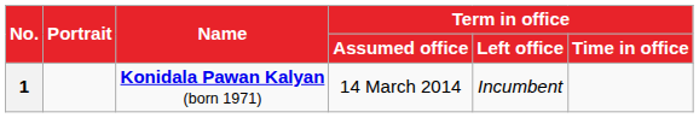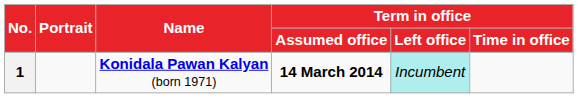 <table class="wikitable sortable" style="text-align:center;">
 <tr>
 <th rowspan=2 style="background-color:#E8232A;color:white">No.</th>
 <th rowspan=2 style="background-color:#E8232A;color:white">Portrait</th>
 <th rowspan=2 style="background-color:#E8232A;color:white">Name<br></th>
 <th colspan=3 style="background-color:#E8232A;color:white">Term in office</th>
 </tr>
 <tr>
 <th style="background-color:#E8232A;color:white">Assumed office</th>
 <th style="background-color:#E8232A;color:white">Left office</th>
 <th style="background-color:#E8232A;color:white">Time in office</th>
 </tr>
 <tr>
 <th>1</th>
 <td></td>
 <td><strong><a href='#'>Konidala Pawan Kalyan</a></strong><br><small>(born 1971)</small></td>
-<td>14 March 2014</td>
-<td><em>Incumbent</em></td>
+<td><strong>14 March 2014</strong></td>
+<td style="background: paleturquoise;"><em>Incumbent</em></td>
 <td></td>
 </tr>
 </table>
